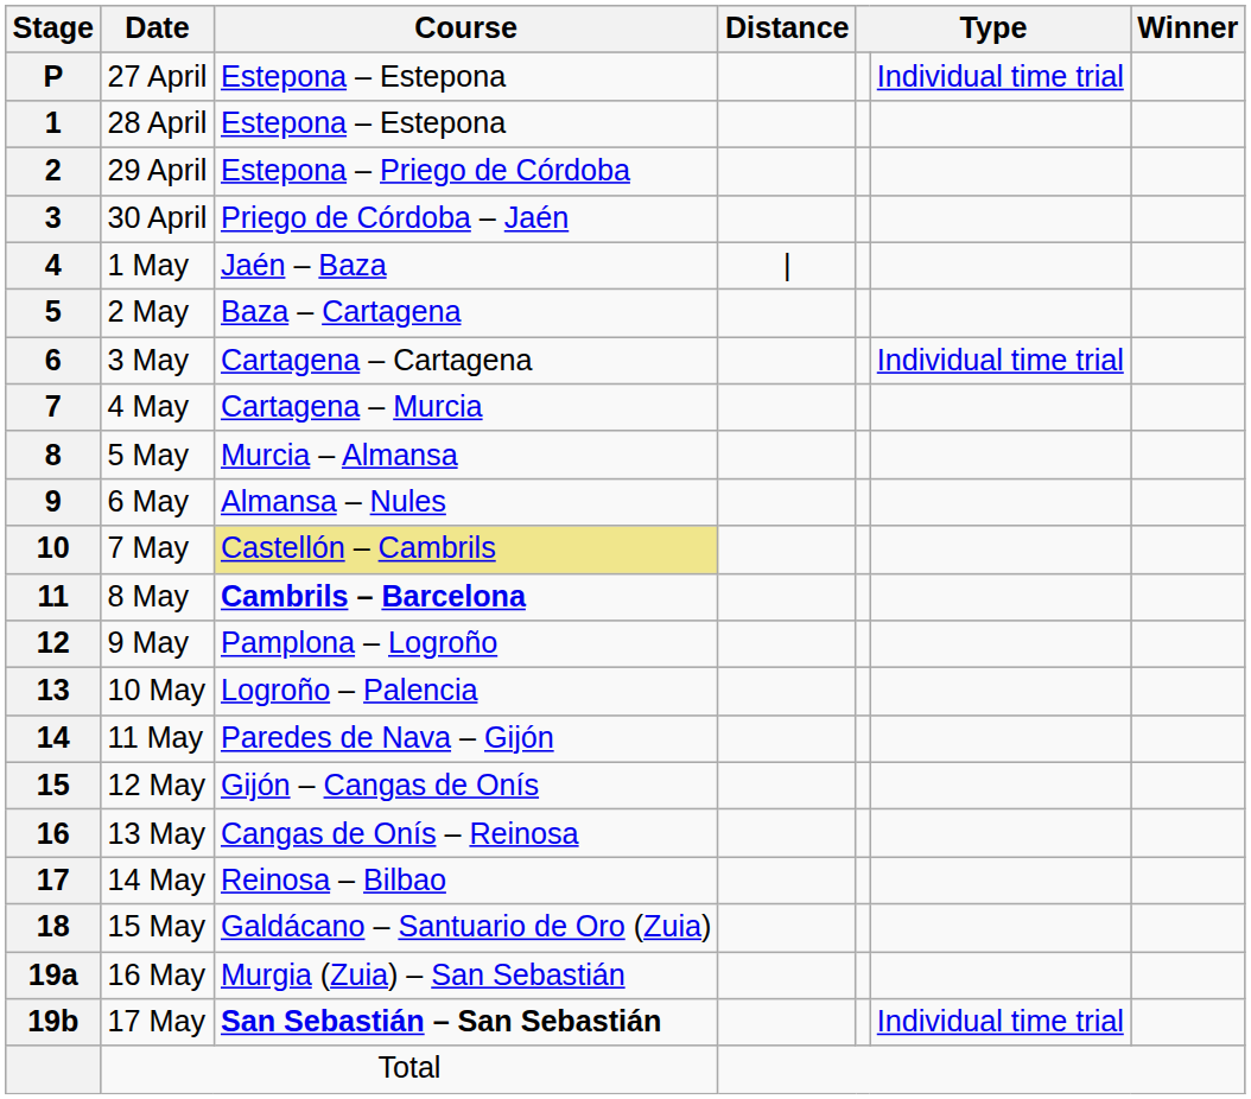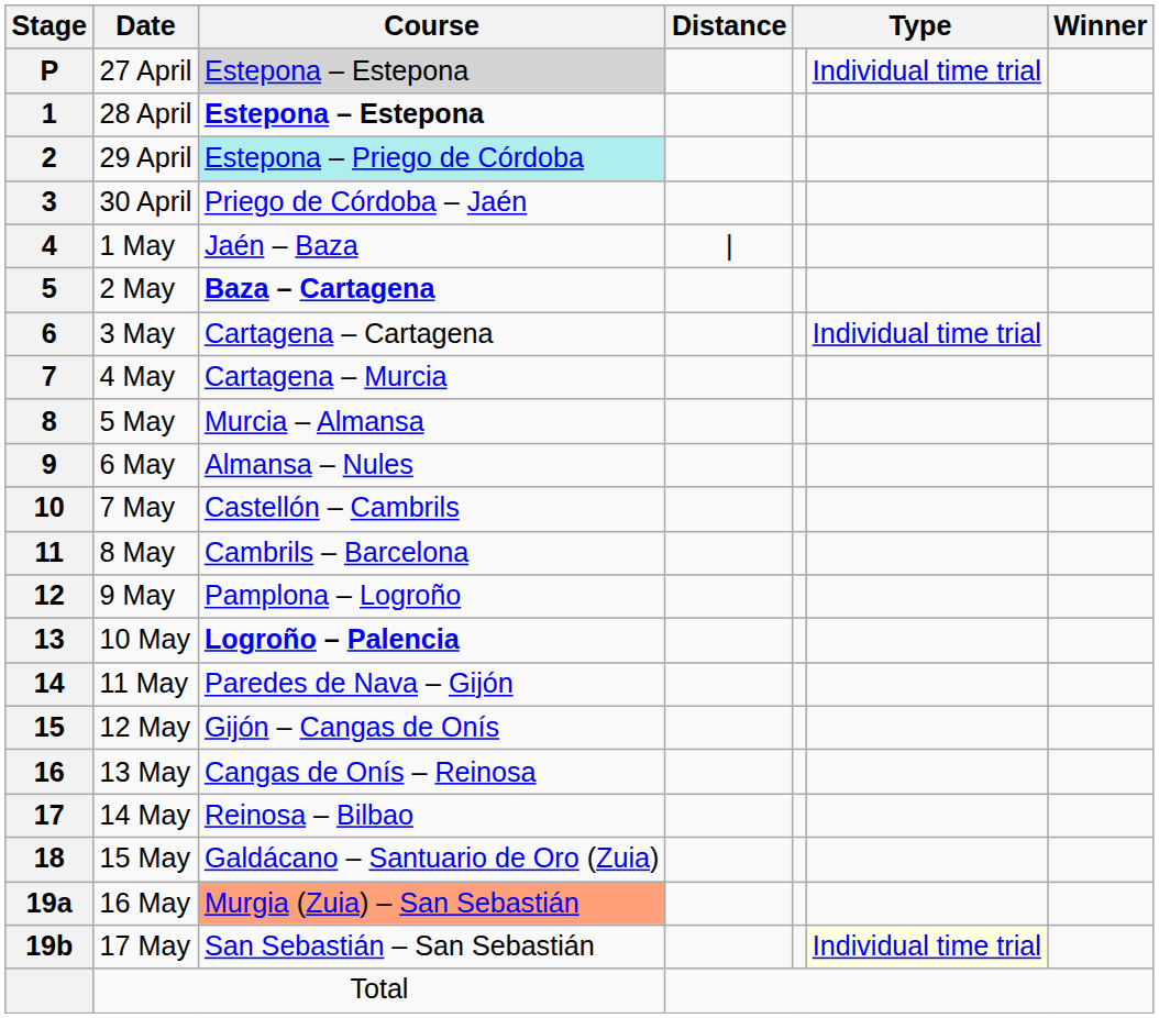 <table class="wikitable">
 <tr>
 <th scope="col">Stage</th>
 <th scope="col">Date</th>
 <th scope="col">Course</th>
 <th scope="col">Distance</th>
 <th scope="col" colspan="2">Type</th>
 <th scope="col">Winner</th>
 </tr>
 <tr>
 <th scope="row">P</th>
 <td>27 April</td>
-<td><a href='#'>Estepona</a> – Estepona</td>
+<td style="background: lightgrey;"><a href='#'>Estepona</a> – Estepona</td>
 <td style="text-align:center;"></td>
 <td></td>
 <td><a href='#'>Individual time trial</a></td>
 <td></td>
 </tr>
 <tr>
 <th scope="row">1</th>
 <td>28 April</td>
-<td><a href='#'>Estepona</a> – Estepona</td>
+<td><strong><a href='#'>Estepona</a> – Estepona</strong></td>
 <td style="text-align:center;"></td>
 <td></td>
 <td></td>
 <td></td>
 </tr>
 <tr>
 <th scope="row">2</th>
 <td>29 April</td>
-<td><a href='#'>Estepona</a> – <a href='#'>Priego de Córdoba</a></td>
+<td style="background: paleturquoise;"><a href='#'>Estepona</a> – <a href='#'>Priego de Córdoba</a></td>
 <td style="text-align:center;"></td>
 <td></td>
 <td></td>
 <td></td>
 </tr>
 <tr>
 <th scope="row">3</th>
 <td>30 April</td>
 <td><a href='#'>Priego de Córdoba</a> – <a href='#'>Jaén</a></td>
 <td style="text-align:center;"></td>
 <td></td>
 <td></td>
 <td></td>
 </tr>
 <tr>
 <th scope="row">4</th>
 <td>1 May</td>
 <td><a href='#'>Jaén</a> – <a href='#'>Baza</a></td>
 <td style="text-align:center;">|</td>
 <td></td>
 <td></td>
 <td></td>
 </tr>
 <tr>
 <th scope="row">5</th>
 <td>2 May</td>
-<td><a href='#'>Baza</a> – <a href='#'>Cartagena</a></td>
+<td><strong><a href='#'>Baza</a> – <a href='#'>Cartagena</a></strong></td>
 <td style="text-align:center;"></td>
 <td></td>
 <td></td>
 <td></td>
 </tr>
 <tr>
 <th scope="row">6</th>
 <td>3 May</td>
 <td><a href='#'>Cartagena</a> – Cartagena</td>
 <td style="text-align:center;"></td>
 <td></td>
 <td><a href='#'>Individual time trial</a></td>
 <td></td>
 </tr>
 <tr>
 <th scope="row">7</th>
 <td>4 May</td>
 <td><a href='#'>Cartagena</a> – <a href='#'>Murcia</a></td>
 <td style="text-align:center;"></td>
 <td></td>
 <td></td>
 <td></td>
 </tr>
 <tr>
 <th scope="row">8</th>
 <td>5 May</td>
 <td><a href='#'>Murcia</a> – <a href='#'>Almansa</a></td>
 <td style="text-align:center;"></td>
 <td></td>
 <td></td>
 <td></td>
 </tr>
 <tr>
 <th scope="row">9</th>
 <td>6 May</td>
 <td><a href='#'>Almansa</a> – <a href='#'>Nules</a></td>
 <td style="text-align:center;"></td>
 <td></td>
 <td></td>
 <td></td>
 </tr>
 <tr>
 <th scope="row">10</th>
 <td>7 May</td>
-<td style="background: khaki;"><a href='#'>Castellón</a> – <a href='#'>Cambrils</a></td>
+<td><a href='#'>Castellón</a> – <a href='#'>Cambrils</a></td>
 <td style="text-align:center;"></td>
 <td></td>
 <td></td>
 <td></td>
 </tr>
 <tr>
 <th scope="row">11</th>
 <td>8 May</td>
-<td><strong><a href='#'>Cambrils</a> – <a href='#'>Barcelona</a></strong></td>
+<td><a href='#'>Cambrils</a> – <a href='#'>Barcelona</a></td>
 <td style="text-align:center;"></td>
 <td></td>
 <td></td>
 <td></td>
 </tr>
 <tr>
 <th scope="row">12</th>
 <td>9 May</td>
 <td><a href='#'>Pamplona</a> – <a href='#'>Logroño</a></td>
 <td style="text-align:center;"></td>
 <td></td>
 <td></td>
 <td></td>
 </tr>
 <tr>
 <th scope="row">13</th>
 <td>10 May</td>
-<td><a href='#'>Logroño</a> – <a href='#'>Palencia</a></td>
+<td><strong><a href='#'>Logroño</a> – <a href='#'>Palencia</a></strong></td>
 <td style="text-align:center;"></td>
 <td></td>
 <td></td>
 <td></td>
 </tr>
 <tr>
 <th scope="row">14</th>
 <td>11 May</td>
 <td><a href='#'>Paredes de Nava</a> – <a href='#'>Gijón</a></td>
 <td style="text-align:center;"></td>
 <td></td>
 <td></td>
 <td></td>
 </tr>
 <tr>
 <th scope="row">15</th>
 <td>12 May</td>
 <td><a href='#'>Gijón</a> – <a href='#'>Cangas de Onís</a></td>
 <td style="text-align:center;"></td>
 <td></td>
 <td></td>
 <td></td>
 </tr>
 <tr>
 <th scope="row">16</th>
 <td>13 May</td>
 <td><a href='#'>Cangas de Onís</a> – <a href='#'>Reinosa</a></td>
 <td style="text-align:center;"></td>
 <td></td>
 <td></td>
 <td></td>
 </tr>
 <tr>
 <th scope="row">17</th>
 <td>14 May</td>
 <td><a href='#'>Reinosa</a> – <a href='#'>Bilbao</a></td>
 <td style="text-align:center;"></td>
 <td></td>
 <td></td>
 <td></td>
 </tr>
 <tr>
 <th scope="row">18</th>
 <td>15 May</td>
 <td><a href='#'>Galdácano</a> – <a href='#'>Santuario de Oro</a> (<a href='#'>Zuia</a>)</td>
 <td style="text-align:center;"></td>
 <td></td>
 <td></td>
 <td></td>
 </tr>
 <tr>
 <th scope="row">19a</th>
 <td>16 May</td>
-<td><a href='#'>Murgia</a> (<a href='#'>Zuia</a>) – <a href='#'>San Sebastián</a></td>
+<td style="background: lightsalmon;"><a href='#'>Murgia</a> (<a href='#'>Zuia</a>) – <a href='#'>San Sebastián</a></td>
 <td style="text-align:center;"></td>
 <td></td>
 <td></td>
 <td></td>
 </tr>
 <tr>
 <th scope="row">19b</th>
 <td>17 May</td>
-<td><strong><a href='#'>San Sebastián</a> – San Sebastián</strong></td>
+<td><a href='#'>San Sebastián</a> – San Sebastián</td>
 <td style="text-align:center;"></td>
 <td></td>
-<td><a href='#'>Individual time trial</a></td>
+<td style="background: lightyellow;"><a href='#'>Individual time trial</a></td>
 <td></td>
 </tr>
 <tr>
 <th scope="row"></th>
 <td colspan="2" style="text-align:center">Total</td>
 <td colspan="4" style="text-align:center"></td>
 </tr>
 </table>
